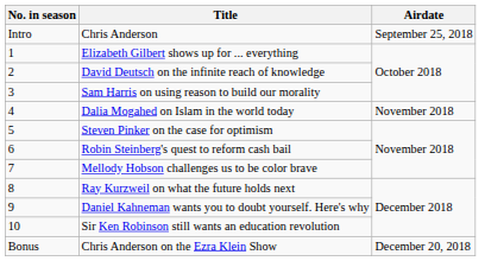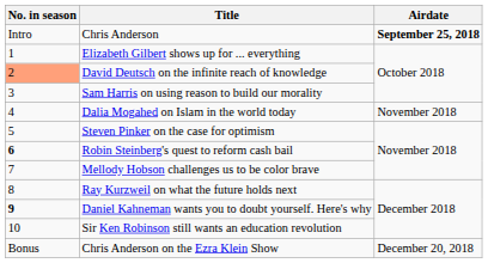 <table class="wikitable">
 <tr>
 <th>No. in season</th>
 <th>Title</th>
 <th>Airdate</th>
 </tr>
 <tr>
 <td>Intro</td>
 <td>Chris Anderson</td>
-<td>September 25, 2018</td>
+<td><strong>September 25, 2018</strong></td>
 </tr>
 <tr>
 <td>1</td>
 <td><a href='#'>Elizabeth Gilbert</a> shows up for ... everything</td>
 <td rowspan="3">October 2018</td>
 </tr>
 <tr>
-<td>2</td>
+<td style="background: lightsalmon;">2</td>
 <td><a href='#'>David Deutsch</a> on the infinite reach of knowledge</td>
 </tr>
 <tr>
 <td>3</td>
 <td><a href='#'>Sam Harris</a> on using reason to build our morality</td>
 </tr>
 <tr>
 <td>4</td>
 <td><a href='#'>Dalia Mogahed</a> on Islam in the world today</td>
 <td>November 2018</td>
 </tr>
 <tr>
 <td>5</td>
 <td><a href='#'>Steven Pinker</a> on the case for optimism</td>
 <td rowspan="3">November 2018</td>
 </tr>
 <tr>
-<td>6</td>
+<td><strong>6</strong></td>
 <td><a href='#'>Robin Steinberg</a>'s quest to reform cash bail</td>
 </tr>
 <tr>
 <td>7</td>
 <td><a href='#'>Mellody Hobson</a> challenges us to be color brave</td>
 </tr>
 <tr>
 <td>8</td>
 <td><a href='#'>Ray Kurzweil</a> on what the future holds next</td>
 <td rowspan="3">December 2018</td>
 </tr>
 <tr>
-<td>9</td>
+<td><strong>9</strong></td>
 <td><a href='#'>Daniel Kahneman</a> wants you to doubt yourself. Here's why</td>
 </tr>
 <tr>
 <td>10</td>
 <td>Sir <a href='#'>Ken Robinson</a> still wants an education revolution</td>
 </tr>
 <tr>
 <td>Bonus</td>
 <td>Chris Anderson on the <a href='#'>Ezra Klein</a> Show</td>
 <td>December 20, 2018</td>
 </tr>
 </table>
